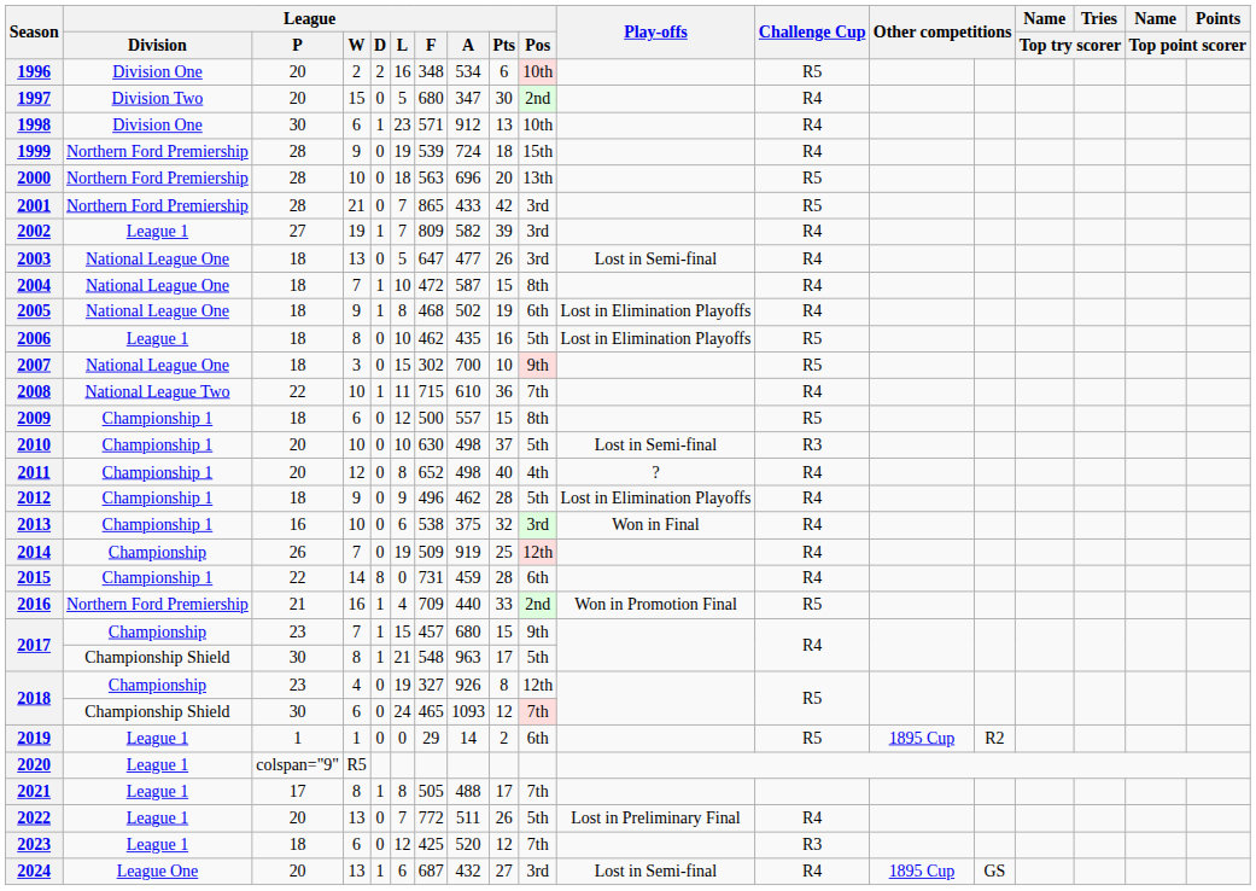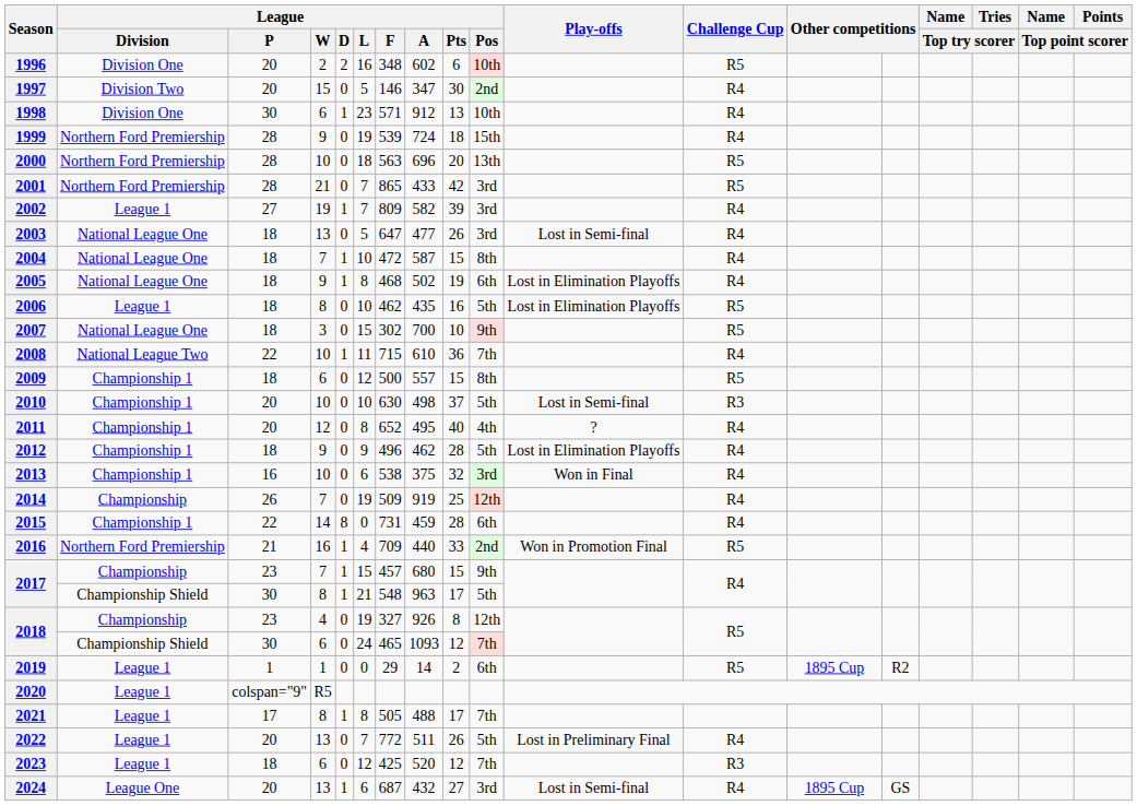 <table class="wikitable" style="text-align: center">
 <tr>
 <th rowspan="2" scope="col">Season</th>
 <th colspan="9" scope="col">League</th>
 <th rowspan="2" scope="col"><a href='#'>Play-offs</a></th>
 <th rowspan="2" scope="col"><a href='#'>Challenge Cup</a></th>
 <th colspan="2" rowspan="2" scope="col">Other competitions</th>
 <th scope="col">Name</th>
 <th scope="col">Tries</th>
 <th scope="col">Name</th>
 <th scope="col">Points</th>
 </tr>
 <tr>
 <th scope="col">Division</th>
 <th scope="col">P</th>
 <th scope="col">W</th>
 <th scope="col">D</th>
 <th scope="col">L</th>
 <th scope="col">F</th>
 <th scope="col">A</th>
 <th scope="col">Pts</th>
 <th scope="col">Pos</th>
 <th colspan="2" scope="col">Top try scorer</th>
 <th colspan="2" scope="col">Top point scorer</th>
 </tr>
 <tr>
 <th scope="row"><a href='#'>1996</a></th>
 <td><a href='#'>Division One</a></td>
 <td>20</td>
 <td>2</td>
 <td>2</td>
 <td>16</td>
 <td>348</td>
-<td>534</td>
+<td>602</td>
 <td>6</td>
 <td style="background:#ffdddd;">10th</td>
 <td></td>
 <td>R5</td>
 <td></td>
 <td></td>
 <td></td>
 <td></td>
 <td></td>
 <td></td>
 </tr>
 <tr>
 <th scope="row"><a href='#'>1997</a></th>
 <td><a href='#'>Division Two</a></td>
 <td>20</td>
 <td>15</td>
 <td>0</td>
 <td>5</td>
-<td>680</td>
+<td>146</td>
 <td>347</td>
 <td>30</td>
 <td style="background:#ddffdd;">2nd</td>
 <td></td>
 <td>R4</td>
 <td></td>
 <td></td>
 <td></td>
 <td></td>
 <td></td>
 <td></td>
 </tr>
 <tr>
 <th scope="row"><a href='#'>1998</a></th>
 <td><a href='#'>Division One</a></td>
 <td>30</td>
 <td>6</td>
 <td>1</td>
 <td>23</td>
 <td>571</td>
 <td>912</td>
 <td>13</td>
 <td>10th</td>
 <td></td>
 <td>R4</td>
 <td></td>
 <td></td>
 <td></td>
 <td></td>
 <td></td>
 <td></td>
 </tr>
 <tr>
 <th scope="row"><a href='#'>1999</a></th>
 <td><a href='#'>Northern Ford Premiership</a></td>
 <td>28</td>
 <td>9</td>
 <td>0</td>
 <td>19</td>
 <td>539</td>
 <td>724</td>
 <td>18</td>
 <td>15th</td>
 <td></td>
 <td>R4</td>
 <td></td>
 <td></td>
 <td></td>
 <td></td>
 <td></td>
 <td></td>
 </tr>
 <tr>
 <th scope="row"><a href='#'>2000</a></th>
 <td><a href='#'>Northern Ford Premiership</a></td>
 <td>28</td>
 <td>10</td>
 <td>0</td>
 <td>18</td>
 <td>563</td>
 <td>696</td>
 <td>20</td>
 <td>13th</td>
 <td></td>
 <td>R5</td>
 <td></td>
 <td></td>
 <td></td>
 <td></td>
 <td></td>
 <td></td>
 </tr>
 <tr>
 <th scope="row"><a href='#'>2001</a></th>
 <td><a href='#'>Northern Ford Premiership</a></td>
 <td>28</td>
 <td>21</td>
 <td>0</td>
 <td>7</td>
 <td>865</td>
 <td>433</td>
 <td>42</td>
 <td>3rd</td>
 <td></td>
 <td>R5</td>
 <td></td>
 <td></td>
 <td></td>
 <td></td>
 <td></td>
 <td></td>
 </tr>
 <tr>
 <th scope="row"><a href='#'>2002</a></th>
 <td><a href='#'>League 1</a></td>
 <td>27</td>
 <td>19</td>
 <td>1</td>
 <td>7</td>
 <td>809</td>
 <td>582</td>
 <td>39</td>
 <td>3rd</td>
 <td></td>
 <td>R4</td>
 <td></td>
 <td></td>
 <td></td>
 <td></td>
 <td></td>
 <td></td>
 </tr>
 <tr>
 <th scope="row"><a href='#'>2003</a></th>
 <td><a href='#'>National League One</a></td>
 <td>18</td>
 <td>13</td>
 <td>0</td>
 <td>5</td>
 <td>647</td>
 <td>477</td>
 <td>26</td>
 <td>3rd</td>
 <td>Lost in Semi-final</td>
 <td>R4</td>
 <td></td>
 <td></td>
 <td></td>
 <td></td>
 <td></td>
 <td></td>
 </tr>
 <tr>
 <th scope="row"><a href='#'>2004</a></th>
 <td><a href='#'>National League One</a></td>
 <td>18</td>
 <td>7</td>
 <td>1</td>
 <td>10</td>
 <td>472</td>
 <td>587</td>
 <td>15</td>
 <td>8th</td>
 <td></td>
 <td>R4</td>
 <td></td>
 <td></td>
 <td></td>
 <td></td>
 <td></td>
 <td></td>
 </tr>
 <tr>
 <th scope="row"><a href='#'>2005</a></th>
 <td><a href='#'>National League One</a></td>
 <td>18</td>
 <td>9</td>
 <td>1</td>
 <td>8</td>
 <td>468</td>
 <td>502</td>
 <td>19</td>
 <td>6th</td>
 <td>Lost in Elimination Playoffs</td>
 <td>R4</td>
 <td></td>
 <td></td>
 <td></td>
 <td></td>
 <td></td>
 <td></td>
 </tr>
 <tr>
 <th scope="row"><a href='#'>2006</a></th>
 <td><a href='#'>League 1</a></td>
 <td>18</td>
 <td>8</td>
 <td>0</td>
 <td>10</td>
 <td>462</td>
 <td>435</td>
 <td>16</td>
 <td>5th</td>
 <td>Lost in Elimination Playoffs</td>
 <td>R5</td>
 <td></td>
 <td></td>
 <td></td>
 <td></td>
 <td></td>
 <td></td>
 </tr>
 <tr>
 <th scope="row"><a href='#'>2007</a></th>
 <td><a href='#'>National League One</a></td>
 <td>18</td>
 <td>3</td>
 <td>0</td>
 <td>15</td>
 <td>302</td>
 <td>700</td>
 <td>10</td>
 <td style="background:#ffdddd;">9th</td>
 <td></td>
 <td>R5</td>
 <td></td>
 <td></td>
 <td></td>
 <td></td>
 <td></td>
 <td></td>
 </tr>
 <tr>
 <th scope="row"><a href='#'>2008</a></th>
 <td><a href='#'>National League Two</a></td>
 <td>22</td>
 <td>10</td>
 <td>1</td>
 <td>11</td>
 <td>715</td>
 <td>610</td>
 <td>36</td>
 <td>7th</td>
 <td></td>
 <td>R4</td>
 <td></td>
 <td></td>
 <td></td>
 <td></td>
 <td></td>
 <td></td>
 </tr>
 <tr>
 <th scope="row"><a href='#'>2009</a></th>
 <td><a href='#'>Championship 1</a></td>
 <td>18</td>
 <td>6</td>
 <td>0</td>
 <td>12</td>
 <td>500</td>
 <td>557</td>
 <td>15</td>
 <td>8th</td>
 <td></td>
 <td>R5</td>
 <td></td>
 <td></td>
 <td></td>
 <td></td>
 <td></td>
 <td></td>
 </tr>
 <tr>
 <th scope="row"><a href='#'>2010</a></th>
 <td><a href='#'>Championship 1</a></td>
 <td>20</td>
 <td>10</td>
 <td>0</td>
 <td>10</td>
 <td>630</td>
 <td>498</td>
 <td>37</td>
 <td>5th</td>
 <td>Lost in Semi-final</td>
 <td>R3</td>
 <td></td>
 <td></td>
 <td></td>
 <td></td>
 <td></td>
 <td></td>
 </tr>
 <tr>
 <th scope="row"><a href='#'>2011</a></th>
 <td><a href='#'>Championship 1</a></td>
 <td>20</td>
 <td>12</td>
 <td>0</td>
 <td>8</td>
 <td>652</td>
-<td>498</td>
+<td>495</td>
 <td>40</td>
 <td>4th</td>
 <td>?</td>
 <td>R4</td>
 <td></td>
 <td></td>
 <td></td>
 <td></td>
 <td></td>
 <td></td>
 </tr>
 <tr>
 <th scope="row"><a href='#'>2012</a></th>
 <td><a href='#'>Championship 1</a></td>
 <td>18</td>
 <td>9</td>
 <td>0</td>
 <td>9</td>
 <td>496</td>
 <td>462</td>
 <td>28</td>
 <td>5th</td>
 <td>Lost in Elimination Playoffs</td>
 <td>R4</td>
 <td></td>
 <td></td>
 <td></td>
 <td></td>
 <td></td>
 <td></td>
 </tr>
 <tr>
 <th scope="row"><a href='#'>2013</a></th>
 <td><a href='#'>Championship 1</a></td>
 <td>16</td>
 <td>10</td>
 <td>0</td>
 <td>6</td>
 <td>538</td>
 <td>375</td>
 <td>32</td>
 <td style="background:#ddffdd;">3rd</td>
 <td>Won in Final</td>
 <td>R4</td>
 <td></td>
 <td></td>
 <td></td>
 <td></td>
 <td></td>
 <td></td>
 </tr>
 <tr>
 <th scope="row"><a href='#'>2014</a></th>
 <td><a href='#'>Championship</a></td>
 <td>26</td>
 <td>7</td>
 <td>0</td>
 <td>19</td>
 <td>509</td>
 <td>919</td>
 <td>25</td>
 <td style="background:#ffdddd;">12th</td>
 <td></td>
 <td>R4</td>
 <td></td>
 <td></td>
 <td></td>
 <td></td>
 <td></td>
 <td></td>
 </tr>
 <tr>
 <th scope="row"><a href='#'>2015</a></th>
 <td><a href='#'>Championship 1</a></td>
 <td>22</td>
 <td>14</td>
 <td>8</td>
 <td>0</td>
 <td>731</td>
 <td>459</td>
 <td>28</td>
 <td>6th</td>
 <td></td>
 <td>R4</td>
 <td></td>
 <td></td>
 <td></td>
 <td></td>
 <td></td>
 <td></td>
 </tr>
 <tr>
 <th scope="row"><a href='#'>2016</a></th>
 <td><a href='#'>Northern Ford Premiership</a></td>
 <td>21</td>
 <td>16</td>
 <td>1</td>
 <td>4</td>
 <td>709</td>
 <td>440</td>
 <td>33</td>
 <td style="background:#ddffdd;">2nd</td>
 <td>Won in Promotion Final</td>
 <td>R5</td>
 <td></td>
 <td></td>
 <td></td>
 <td></td>
 <td></td>
 <td></td>
 </tr>
 <tr>
 <th scope="row" rowspan="2"><a href='#'>2017</a></th>
 <td><a href='#'>Championship</a></td>
 <td>23</td>
 <td>7</td>
 <td>1</td>
 <td>15</td>
 <td>457</td>
 <td>680</td>
 <td>15</td>
 <td>9th</td>
 <td rowspan="2"></td>
 <td rowspan="2">R4</td>
 <td rowspan="2"></td>
 <td rowspan="2"></td>
 <td rowspan="2"></td>
 <td rowspan="2"></td>
 <td rowspan="2"></td>
 <td rowspan="2"></td>
 </tr>
 <tr>
 <td>Championship Shield</td>
 <td>30</td>
 <td>8</td>
 <td>1</td>
 <td>21</td>
 <td>548</td>
 <td>963</td>
 <td>17</td>
 <td>5th</td>
 </tr>
 <tr>
 <th scope="row" rowspan="2"><a href='#'>2018</a></th>
 <td><a href='#'>Championship</a></td>
 <td>23</td>
 <td>4</td>
 <td>0</td>
 <td>19</td>
 <td>327</td>
 <td>926</td>
 <td>8</td>
 <td>12th</td>
 <td rowspan="2"></td>
 <td rowspan="2">R5</td>
 <td rowspan="2"></td>
 <td rowspan="2"></td>
 <td rowspan="2"></td>
 <td rowspan="2"></td>
 <td rowspan="2"></td>
 <td rowspan="2"></td>
 </tr>
 <tr>
 <td>Championship Shield</td>
 <td>30</td>
 <td>6</td>
 <td>0</td>
 <td>24</td>
 <td>465</td>
 <td>1093</td>
 <td>12</td>
 <td style="background:#ffdddd;">7th</td>
 </tr>
 <tr>
 <th scope="row"><a href='#'>2019</a></th>
 <td><a href='#'>League 1</a></td>
 <td>1</td>
 <td>1</td>
 <td>0</td>
 <td>0</td>
 <td>29</td>
 <td>14</td>
 <td>2</td>
 <td>6th</td>
 <td></td>
 <td>R5</td>
 <td><a href='#'>1895 Cup</a></td>
 <td>R2</td>
 <td></td>
 <td></td>
 <td></td>
 <td></td>
 </tr>
 <tr>
 <th scope="row"><a href='#'>2020</a></th>
 <td><a href='#'>League 1</a></td>
 <td>colspan="9"</td>
 <td>R5</td>
 <td></td>
 <td></td>
 <td></td>
 <td></td>
 <td></td>
 <td></td>
 </tr>
 <tr>
 <th scope="row"><a href='#'>2021</a></th>
 <td><a href='#'>League 1</a></td>
 <td>17</td>
 <td>8</td>
 <td>1</td>
 <td>8</td>
 <td>505</td>
 <td>488</td>
 <td>17</td>
 <td>7th</td>
 <td></td>
 <td></td>
 <td></td>
 <td></td>
 <td></td>
 <td></td>
 <td></td>
 <td></td>
 </tr>
 <tr>
 <th scope="row"><a href='#'>2022</a></th>
 <td><a href='#'>League 1</a></td>
 <td>20</td>
 <td>13</td>
 <td>0</td>
 <td>7</td>
 <td>772</td>
 <td>511</td>
 <td>26</td>
 <td>5th</td>
 <td>Lost in Preliminary Final</td>
 <td>R4</td>
 <td></td>
 <td></td>
 <td></td>
 <td></td>
 <td></td>
 <td></td>
 </tr>
 <tr>
 <th scope="row"><a href='#'>2023</a></th>
 <td><a href='#'>League 1</a></td>
 <td>18</td>
 <td>6</td>
 <td>0</td>
 <td>12</td>
 <td>425</td>
 <td>520</td>
 <td>12</td>
 <td>7th</td>
 <td></td>
 <td>R3</td>
 <td></td>
 <td></td>
 <td></td>
 <td></td>
 <td></td>
 <td></td>
 </tr>
 <tr>
 <th scope="row"><a href='#'>2024</a></th>
 <td><a href='#'>League One</a></td>
 <td>20</td>
 <td>13</td>
 <td>1</td>
 <td>6</td>
 <td>687</td>
 <td>432</td>
 <td>27</td>
 <td>3rd</td>
 <td>Lost in Semi-final</td>
 <td>R4</td>
 <td><a href='#'>1895 Cup</a></td>
 <td>GS</td>
 <td></td>
 <td></td>
 <td></td>
 <td></td>
 </tr>
 </table>
